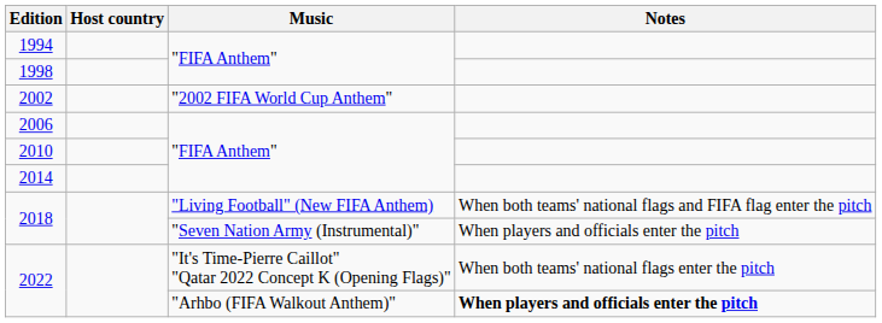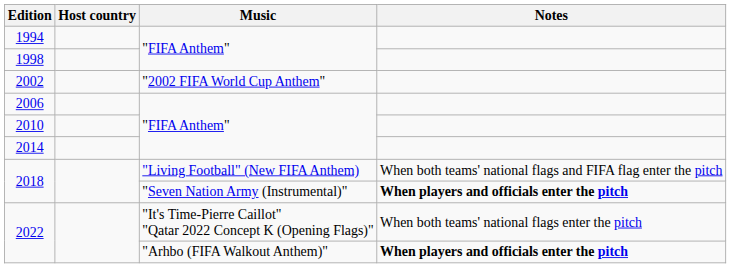 <table class="wikitable">
 <tr>
 <th>Edition</th>
 <th>Host country</th>
 <th>Music</th>
 <th>Notes</th>
 </tr>
 <tr>
 <td align=center><a href='#'>1994</a></td>
 <td></td>
 <td rowspan="2">"<a href='#'>FIFA Anthem</a>"</td>
 <td></td>
 </tr>
 <tr>
 <td align=center><a href='#'>1998</a></td>
 <td></td>
 <td></td>
 </tr>
 <tr>
 <td align=center><a href='#'>2002</a></td>
 <td> <br> </td>
 <td>"<a href='#'>2002 FIFA World Cup Anthem</a>"</td>
 <td></td>
 </tr>
 <tr>
 <td align=center><a href='#'>2006</a></td>
 <td></td>
 <td rowspan="3">"<a href='#'>FIFA Anthem</a>"</td>
 <td></td>
 </tr>
 <tr>
 <td align=center><a href='#'>2010</a></td>
 <td></td>
 <td></td>
 </tr>
 <tr>
 <td align=center><a href='#'>2014</a></td>
 <td></td>
 <td></td>
 </tr>
 <tr>
 <td rowspan="2" align=center><a href='#'>2018</a></td>
 <td rowspan="2"></td>
 <td><a href='#'>"Living Football" (New FIFA Anthem)</a></td>
 <td>When both teams' national flags and FIFA flag enter the <a href='#'>pitch</a></td>
 </tr>
 <tr>
 <td>"<a href='#'>Seven Nation Army</a> (Instrumental)"</td>
-<td>When players and officials enter the <a href='#'>pitch</a></td>
+<td><strong>When players and officials enter the <a href='#'>pitch</a></strong></td>
 </tr>
 <tr>
 <td rowspan="2" align="center"><a href='#'>2022</a></td>
 <td rowspan="2"></td>
 <td>"It's Time-Pierre Caillot"<br>"Qatar 2022 Concept K (Opening Flags)"</td>
 <td>When both teams' national flags enter the <a href='#'>pitch</a></td>
 </tr>
 <tr>
 <td>"Arhbo (FIFA Walkout Anthem)"</td>
 <td><strong>When players and officials enter the <a href='#'>pitch</a></strong></td>
 </tr>
 </table>
